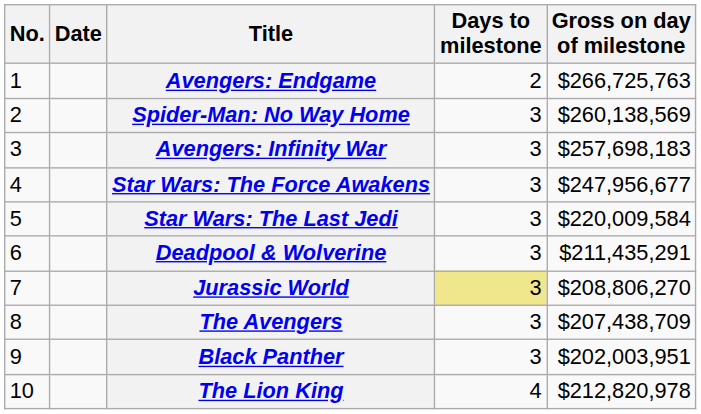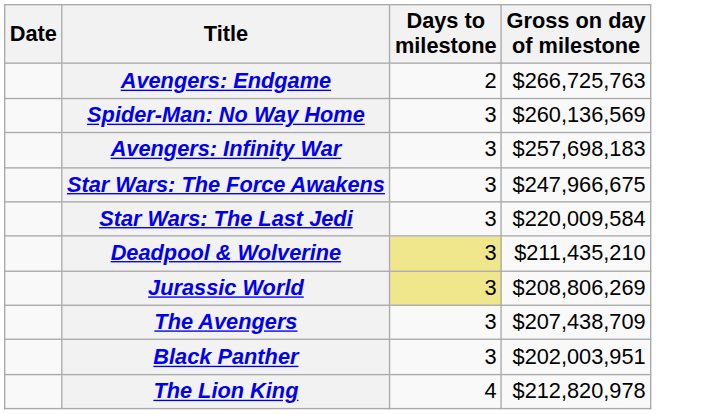 <table class="wikitable">
 <tr>
-<th scope="col">No.</th>
 <th scope="col">Date</th>
 <th scope="col">Title</th>
 <th scope="col">Days to <br>milestone</th>
 <th scope="col">Gross on day <br>of milestone</th>
 </tr>
 <tr>
-<td>1</td>
 <td></td>
 <th scope="row"><em><a href='#'>Avengers: Endgame</a></em></th>
 <td style="text-align:right;">2</td>
 <td style="text-align:right;">$266,725,763</td>
 </tr>
 <tr>
-<td>2</td>
 <td></td>
 <th scope="row"><em><a href='#'>Spider-Man: No Way Home</a></em></th>
 <td style="text-align:right;">3</td>
-<td style="text-align:right;">$260,138,569</td>
+<td style="text-align:right;">$260,136,569</td>
 </tr>
 <tr>
-<td>3</td>
 <td></td>
 <th scope="row"><em><a href='#'>Avengers: Infinity War</a></em></th>
 <td style="text-align:right;">3</td>
 <td style="text-align:right;">$257,698,183</td>
 </tr>
 <tr>
-<td>4</td>
 <td></td>
 <th scope="row"><em><a href='#'>Star Wars: The Force Awakens</a></em></th>
 <td style="text-align:right;">3</td>
-<td style="text-align:right;">$247,956,677</td>
+<td style="text-align:right;">$247,966,675</td>
 </tr>
 <tr>
-<td>5</td>
 <td></td>
 <th scope="row"><em><a href='#'>Star Wars: The Last Jedi</a></em></th>
 <td style="text-align:right;">3</td>
 <td style="text-align:right;">$220,009,584</td>
 </tr>
 <tr>
-<td>6</td>
 <td></td>
 <th scope="row"><em><a href='#'>Deadpool & Wolverine</a></em></th>
-<td style="text-align:right;">3</td>
-<td style="text-align:right;">$211,435,291</td>
+<td style="background: khaki; text-align:right;">3</td>
+<td style="text-align:right;">$211,435,210</td>
 </tr>
 <tr>
-<td>7</td>
 <td></td>
 <th scope="row"><em><a href='#'>Jurassic World</a></em></th>
 <td style="background: khaki; text-align:right;">3</td>
-<td style="text-align:right;">$208,806,270</td>
+<td style="text-align:right;">$208,806,269</td>
 </tr>
 <tr>
-<td>8</td>
 <td></td>
 <th scope="row"><em><a href='#'>The Avengers</a></em></th>
 <td style="text-align:right;">3</td>
 <td style="text-align:right;">$207,438,709</td>
 </tr>
 <tr>
-<td>9</td>
 <td></td>
 <th scope="row"><em><a href='#'>Black Panther</a></em></th>
 <td style="text-align:right;">3</td>
 <td style="text-align:right;">$202,003,951</td>
 </tr>
 <tr>
-<td>10</td>
 <td></td>
 <th scope="row"><em><a href='#'>The Lion King</a></em></th>
 <td style="text-align:right;">4</td>
 <td style="text-align:right;">$212,820,978</td>
 </tr>
 </table>
